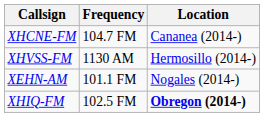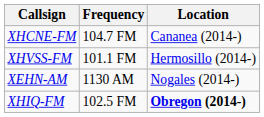 <table class="wikitable">
 <tr>
 <th>Callsign</th>
 <th>Frequency</th>
 <th>Location</th>
 </tr>
 <tr>
 <td><em><a href='#'>XHCNE-FM</a></em></td>
 <td>104.7 FM</td>
 <td><a href='#'>Cananea</a> (2014-)</td>
 </tr>
 <tr>
 <td><em><a href='#'>XHVSS-FM</a></em></td>
-<td>1130 AM</td>
+<td>101.1 FM</td>
 <td><a href='#'>Hermosillo</a> (2014-)</td>
 </tr>
 <tr>
 <td><em><a href='#'>XEHN-AM</a></em></td>
-<td>101.1 FM</td>
+<td>1130 AM</td>
 <td><a href='#'>Nogales</a> (2014-)</td>
 </tr>
 <tr>
 <td><em><a href='#'>XHIQ-FM</a></em></td>
 <td>102.5 FM</td>
 <td><strong><a href='#'>Obregon</a> (2014-)</strong></td>
 </tr>
 </table>
